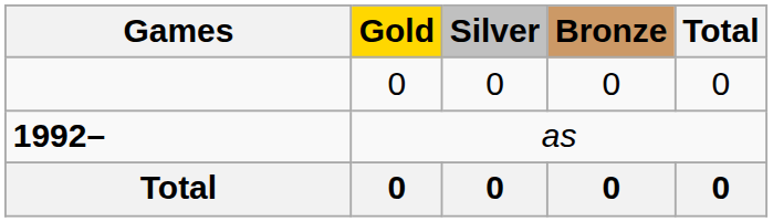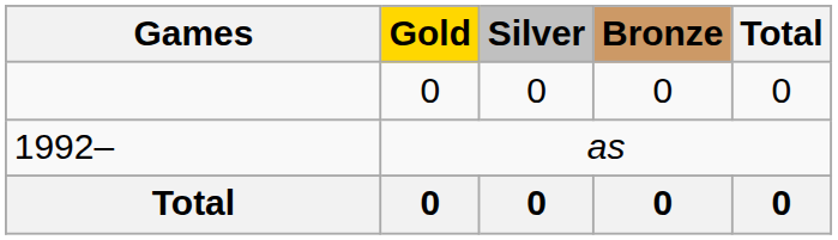 <table class="wikitable sortable plainrowheaders" border="1" style="text-align:center;">
 <tr>
 <th scope="col" style="width:10em;">Games</th>
 <th scope="col" style="background-color:gold; font-weight:bold;">Gold</th>
 <th scope="col" style="background-color:silver; font-weight:bold;">Silver</th>
 <th scope="col" style="background-color:#cc9966; font-weight:bold;">Bronze</th>
 <th scope="col">Total</th>
 </tr>
 <tr>
 <td align=left></td>
 <td>0</td>
 <td>0</td>
 <td>0</td>
 <td>0</td>
 </tr>
 <tr>
-<td align=left><strong>1992–</strong></td>
+<td align=left>1992–</td>
 <td colspan=4><em>as </em></td>
 </tr>
 <tr>
 <th>Total</th>
 <th>0</th>
 <th>0</th>
 <th>0</th>
 <th>0</th>
 </tr>
 </table>
